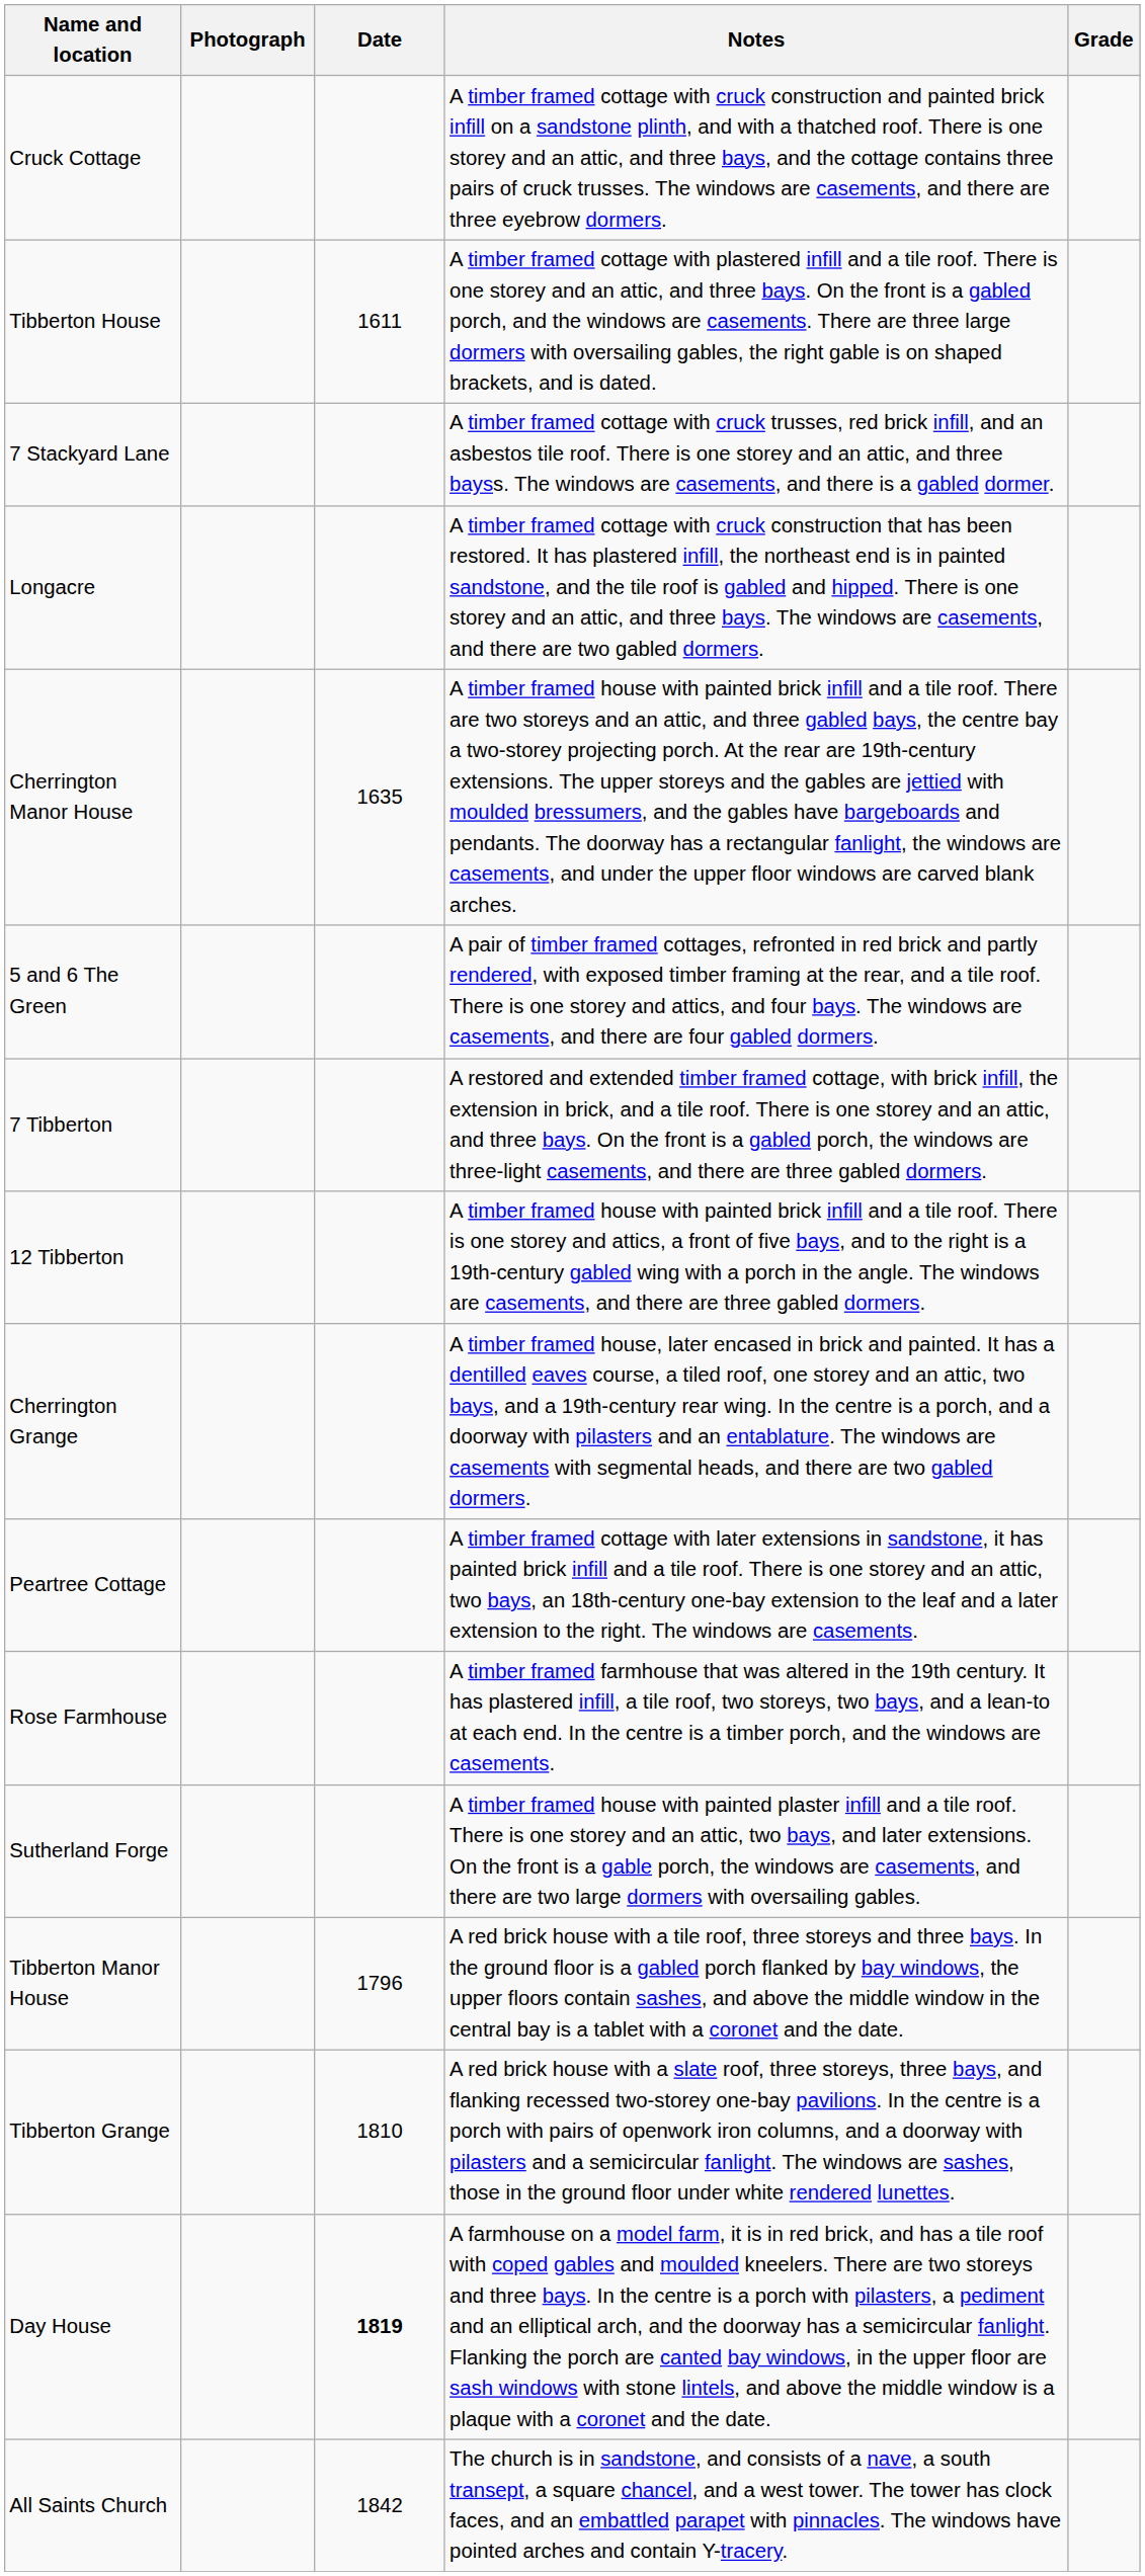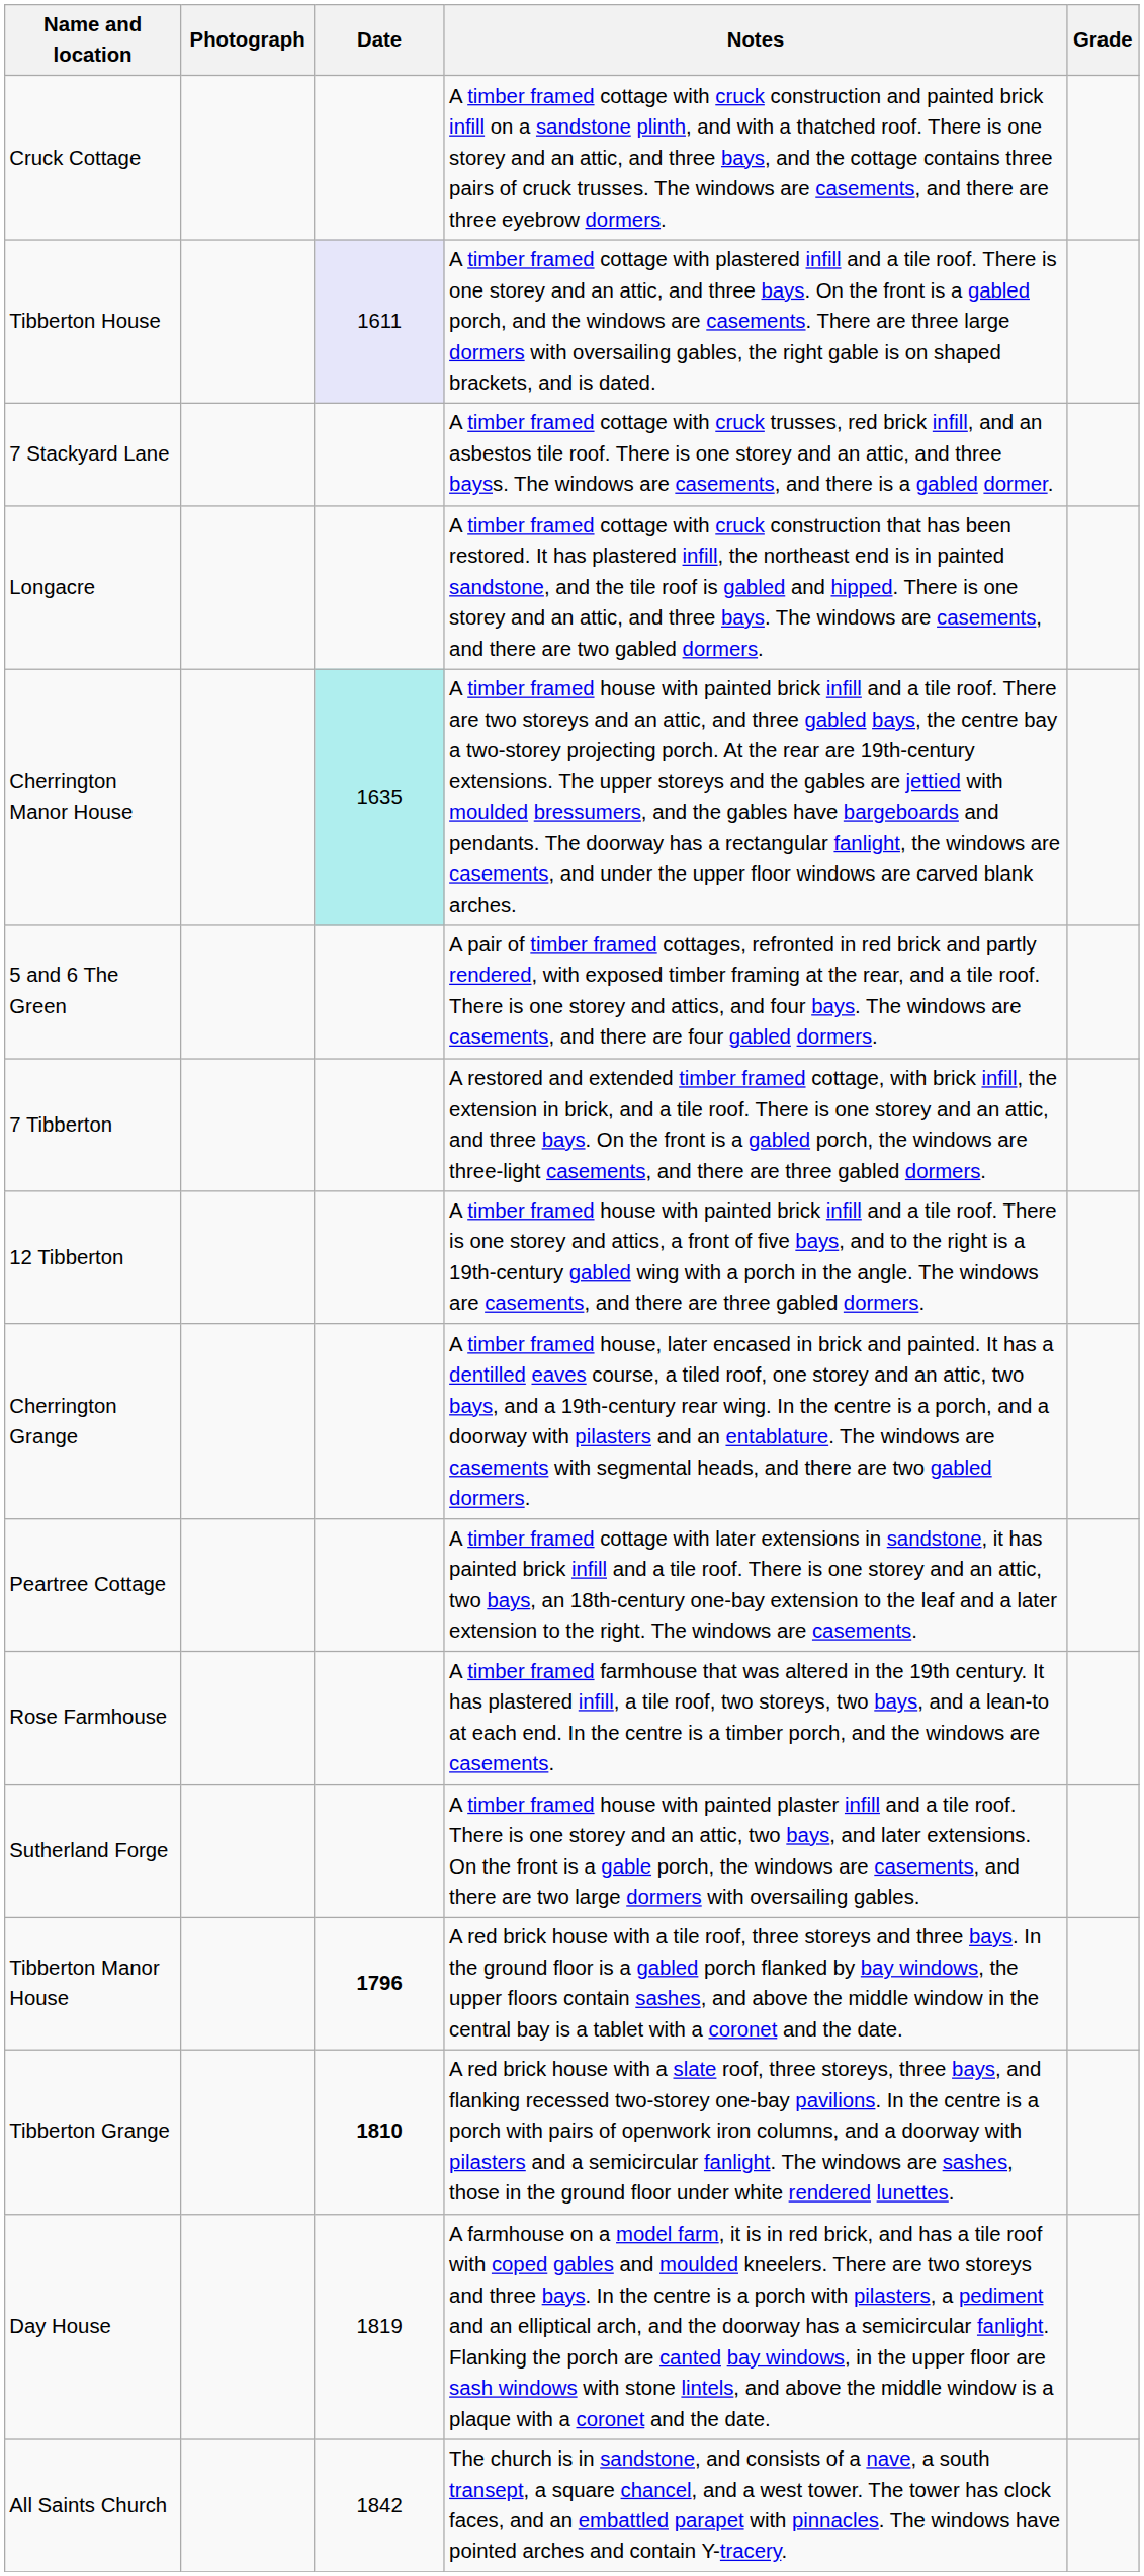 <table class="wikitable sortable plainrowheaders" style="width:100%; border:0; text-align:left; line-height:150%;">
 <tr>
 <th scope="col"  style="width:150px">Name and location</th>
 <th scope="col"  style="width:100px" class="unsortable">Photograph</th>
 <th scope="col"  style="width:120px">Date</th>
 <th scope="col"  style="width:650px" class="unsortable">Notes</th>
 <th scope="col"  style="width:50px">Grade</th>
 </tr>
 <tr>
 <td>Cruck Cottage<br><small></small></td>
 <td></td>
 <td align="center"></td>
 <td>A <a href='#'>timber framed</a> cottage with <a href='#'>cruck</a> construction and painted brick <a href='#'>infill</a> on a <a href='#'>sandstone</a> <a href='#'>plinth</a>, and with a thatched roof.  There is one storey and an attic, and three <a href='#'>bays</a>, and the cottage contains three pairs of cruck trusses.  The windows are <a href='#'>casements</a>, and there are three eyebrow <a href='#'>dormers</a>.</td>
 <td align="center" ></td>
 </tr>
 <tr>
 <td>Tibberton House<br><small></small></td>
 <td></td>
-<td align="center">1611</td>
+<td align="center" style="background: lavender;">1611</td>
 <td>A <a href='#'>timber framed</a> cottage with plastered <a href='#'>infill</a> and a tile roof.  There is one storey and an attic, and three <a href='#'>bays</a>.  On the front is a <a href='#'>gabled</a> porch, and the windows are <a href='#'>casements</a>.  There are three large <a href='#'>dormers</a> with oversailing gables, the right gable is on shaped brackets, and is dated.</td>
 <td align="center" ></td>
 </tr>
 <tr>
 <td>7 Stackyard Lane<br><small></small></td>
 <td></td>
 <td align="center"></td>
 <td>A <a href='#'>timber framed</a> cottage with <a href='#'>cruck</a> trusses, red brick <a href='#'>infill</a>, and an asbestos tile roof.  There is one storey and an attic, and three <a href='#'>bays</a>s.  The windows are <a href='#'>casements</a>, and there is a <a href='#'>gabled</a> <a href='#'>dormer</a>.</td>
 <td align="center" ></td>
 </tr>
 <tr>
 <td>Longacre<br><small></small></td>
 <td></td>
 <td align="center"></td>
 <td>A <a href='#'>timber framed</a> cottage with <a href='#'>cruck</a> construction that has been restored.  It has plastered <a href='#'>infill</a>, the northeast end is in painted <a href='#'>sandstone</a>, and the tile roof is <a href='#'>gabled</a> and <a href='#'>hipped</a>.  There is one storey and an attic, and three <a href='#'>bays</a>.  The windows are <a href='#'>casements</a>, and there are two gabled <a href='#'>dormers</a>.</td>
 <td align="center" ></td>
 </tr>
 <tr>
 <td>Cherrington Manor House<br><small></small></td>
 <td></td>
-<td align="center">1635</td>
+<td align="center" style="background: paleturquoise;">1635</td>
 <td>A <a href='#'>timber framed</a> house with painted brick <a href='#'>infill</a> and a tile roof.  There are two storeys and an attic, and three <a href='#'>gabled</a> <a href='#'>bays</a>, the centre bay a two-storey projecting porch.  At the rear are 19th-century extensions.  The upper storeys and the gables are <a href='#'>jettied</a> with <a href='#'>moulded</a> <a href='#'>bressumers</a>, and the gables have <a href='#'>bargeboards</a> and pendants.  The doorway has a rectangular <a href='#'>fanlight</a>, the windows are <a href='#'>casements</a>, and under the upper floor windows are carved blank arches.</td>
 <td align="center" ></td>
 </tr>
 <tr>
 <td>5 and 6 The Green<br><small></small></td>
 <td></td>
 <td align="center"></td>
 <td>A pair of <a href='#'>timber framed</a> cottages, refronted in red brick and partly <a href='#'>rendered</a>, with exposed timber framing at the rear, and a tile roof.  There is one storey and attics, and four <a href='#'>bays</a>.  The windows are <a href='#'>casements</a>, and there are four <a href='#'>gabled</a> <a href='#'>dormers</a>.</td>
 <td align="center" ></td>
 </tr>
 <tr>
 <td>7 Tibberton<br><small></small></td>
 <td></td>
 <td align="center"></td>
 <td>A restored and extended <a href='#'>timber framed</a> cottage, with brick <a href='#'>infill</a>, the extension in brick, and a tile roof.  There is one storey and an attic, and three <a href='#'>bays</a>.  On the front is a <a href='#'>gabled</a> porch, the windows are three-light <a href='#'>casements</a>, and there are three gabled <a href='#'>dormers</a>.</td>
 <td align="center" ></td>
 </tr>
 <tr>
 <td>12 Tibberton<br><small></small></td>
 <td></td>
 <td align="center"></td>
 <td>A <a href='#'>timber framed</a> house with painted brick <a href='#'>infill</a> and a tile roof.  There is one storey and attics, a front of five <a href='#'>bays</a>, and to the right is a 19th-century <a href='#'>gabled</a> wing with a porch in the angle.  The windows are <a href='#'>casements</a>, and there are three gabled <a href='#'>dormers</a>.</td>
 <td align="center" ></td>
 </tr>
 <tr>
 <td>Cherrington Grange<br><small></small></td>
 <td></td>
 <td align="center"></td>
 <td>A <a href='#'>timber framed</a> house, later encased in brick and painted.  It has a <a href='#'>dentilled</a> <a href='#'>eaves</a> course, a tiled roof, one storey and an attic, two <a href='#'>bays</a>, and a 19th-century rear wing.  In the centre is a porch, and a doorway with <a href='#'>pilasters</a> and an <a href='#'>entablature</a>.  The windows are <a href='#'>casements</a> with segmental heads, and there are two <a href='#'>gabled</a> <a href='#'>dormers</a>.</td>
 <td align="center" ></td>
 </tr>
 <tr>
 <td>Peartree Cottage<br><small></small></td>
 <td></td>
 <td align="center"></td>
 <td>A <a href='#'>timber framed</a> cottage with later extensions in <a href='#'>sandstone</a>, it has painted brick <a href='#'>infill</a> and a tile roof.  There is one storey and an attic, two <a href='#'>bays</a>, an 18th-century one-bay extension to the leaf and a later extension to the right.  The windows are <a href='#'>casements</a>.</td>
 <td align="center" ></td>
 </tr>
 <tr>
 <td>Rose Farmhouse<br><small></small></td>
 <td></td>
 <td align="center"></td>
 <td>A <a href='#'>timber framed</a> farmhouse that was altered in the 19th century.  It has plastered <a href='#'>infill</a>, a tile roof, two storeys, two <a href='#'>bays</a>, and a lean-to at each end.  In the centre is a timber porch, and the windows are <a href='#'>casements</a>.</td>
 <td align="center" ></td>
 </tr>
 <tr>
 <td>Sutherland Forge<br><small></small></td>
 <td></td>
 <td align="center"></td>
 <td>A <a href='#'>timber framed</a> house with painted plaster <a href='#'>infill</a> and a tile roof.  There is one storey and an attic, two <a href='#'>bays</a>, and later extensions.  On the front is a <a href='#'>gable</a> porch, the windows are <a href='#'>casements</a>, and there are two large <a href='#'>dormers</a> with oversailing gables.</td>
 <td align="center" ></td>
 </tr>
 <tr>
 <td>Tibberton Manor House<br><small></small></td>
 <td></td>
-<td align="center">1796</td>
+<td align="center"><strong>1796</strong></td>
 <td>A red brick house with a tile roof, three storeys and three <a href='#'>bays</a>.  In the ground floor is a <a href='#'>gabled</a> porch flanked by <a href='#'>bay windows</a>, the upper floors contain <a href='#'>sashes</a>, and above the middle window in the central bay is a tablet with a <a href='#'>coronet</a> and the date.</td>
 <td align="center" ></td>
 </tr>
 <tr>
 <td>Tibberton Grange<br><small></small></td>
 <td></td>
-<td align="center">1810</td>
+<td align="center"><strong>1810</strong></td>
 <td>A red brick house with a <a href='#'>slate</a> roof, three storeys, three <a href='#'>bays</a>, and flanking recessed two-storey one-bay <a href='#'>pavilions</a>.  In the centre is a porch with pairs of openwork iron columns, and a doorway with <a href='#'>pilasters</a> and a semicircular <a href='#'>fanlight</a>.  The windows are <a href='#'>sashes</a>, those in the ground floor under white <a href='#'>rendered</a> <a href='#'>lunettes</a>.</td>
 <td align="center" ></td>
 </tr>
 <tr>
 <td>Day House<br><small></small></td>
 <td></td>
-<td align="center"><strong>1819</strong></td>
+<td align="center">1819</td>
 <td>A farmhouse on a <a href='#'>model farm</a>, it is in red brick, and has a tile roof with <a href='#'>coped</a> <a href='#'>gables</a> and <a href='#'>moulded</a> kneelers.  There are two storeys and three <a href='#'>bays</a>.  In the centre is a porch with <a href='#'>pilasters</a>, a <a href='#'>pediment</a> and an elliptical arch, and the doorway has a semicircular <a href='#'>fanlight</a>.  Flanking the porch are <a href='#'>canted</a> <a href='#'>bay windows</a>, in the upper floor are <a href='#'>sash windows</a> with stone <a href='#'>lintels</a>, and above the middle window is a plaque with a <a href='#'>coronet</a> and the date.</td>
 <td align="center" ></td>
 </tr>
 <tr>
 <td>All Saints Church<br><small></small></td>
 <td></td>
 <td align="center">1842</td>
 <td>The church is in <a href='#'>sandstone</a>, and consists of a <a href='#'>nave</a>, a south <a href='#'>transept</a>, a square <a href='#'>chancel</a>, and a west tower.  The tower has clock faces, and an <a href='#'>embattled</a> <a href='#'>parapet</a> with <a href='#'>pinnacles</a>. The windows have pointed arches and contain Y-<a href='#'>tracery</a>.</td>
 <td align="center" ></td>
 </tr>
 <tr>
 </tr>
 </table>
